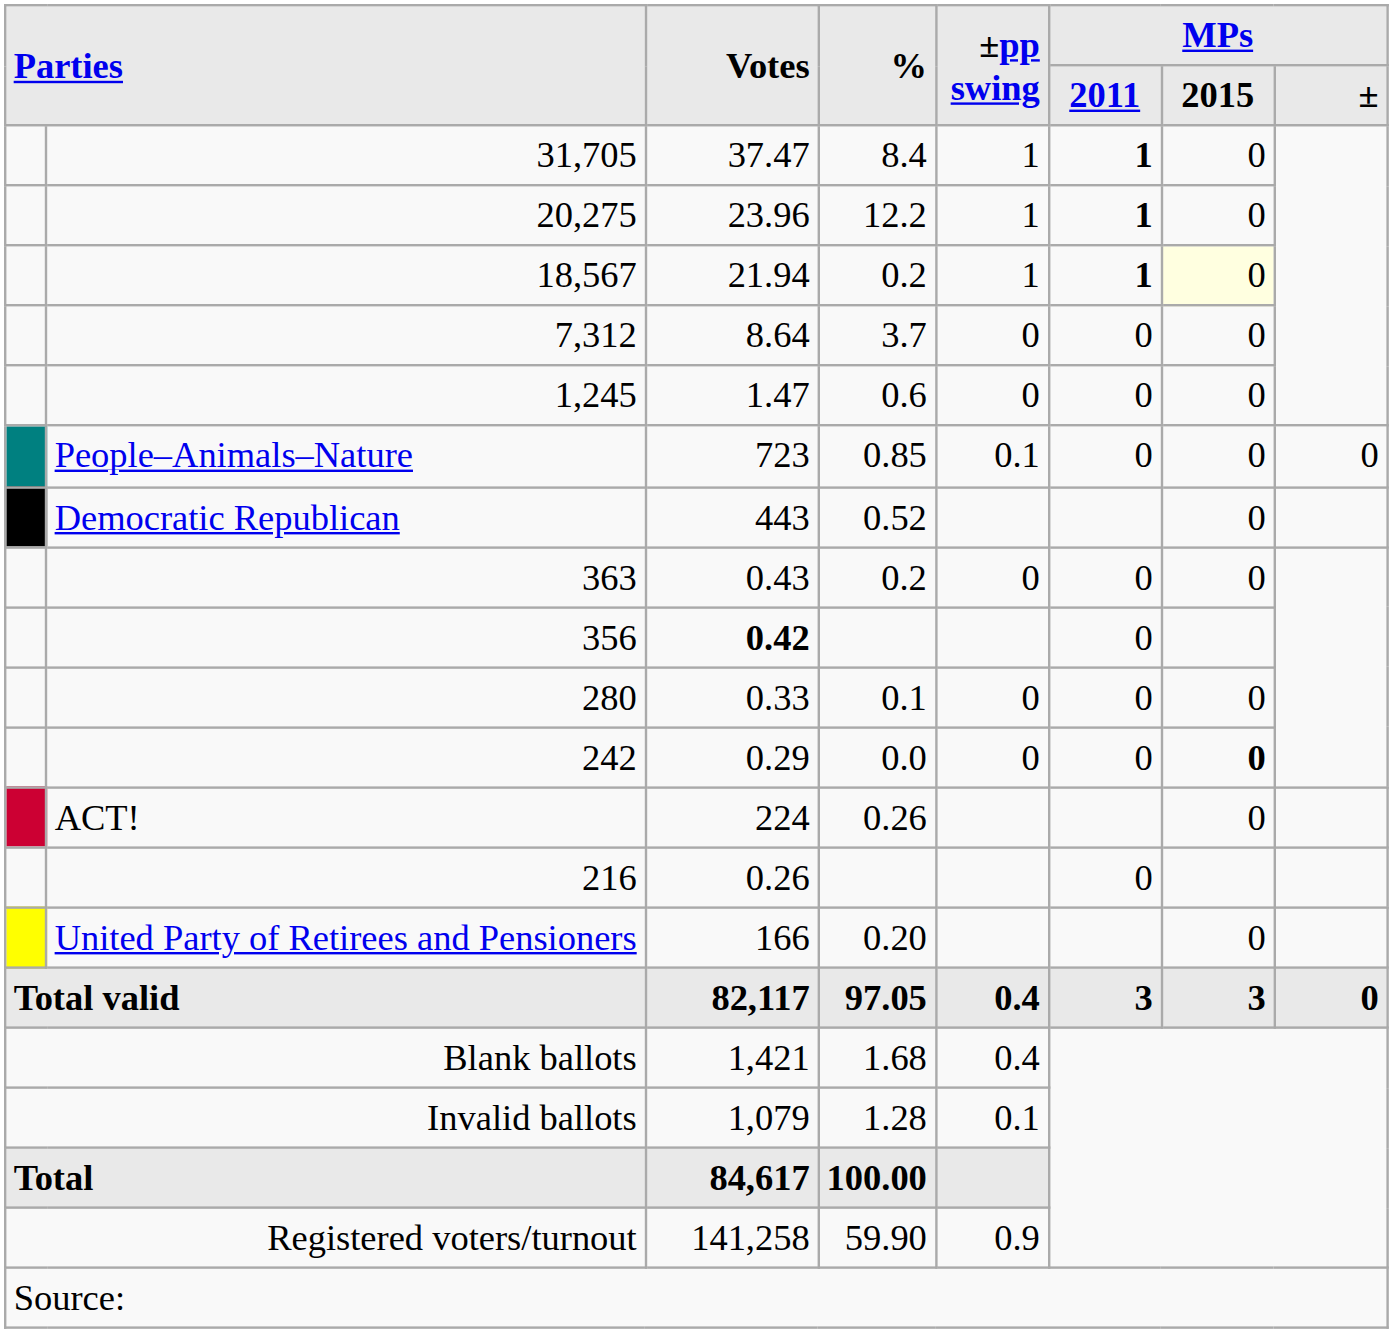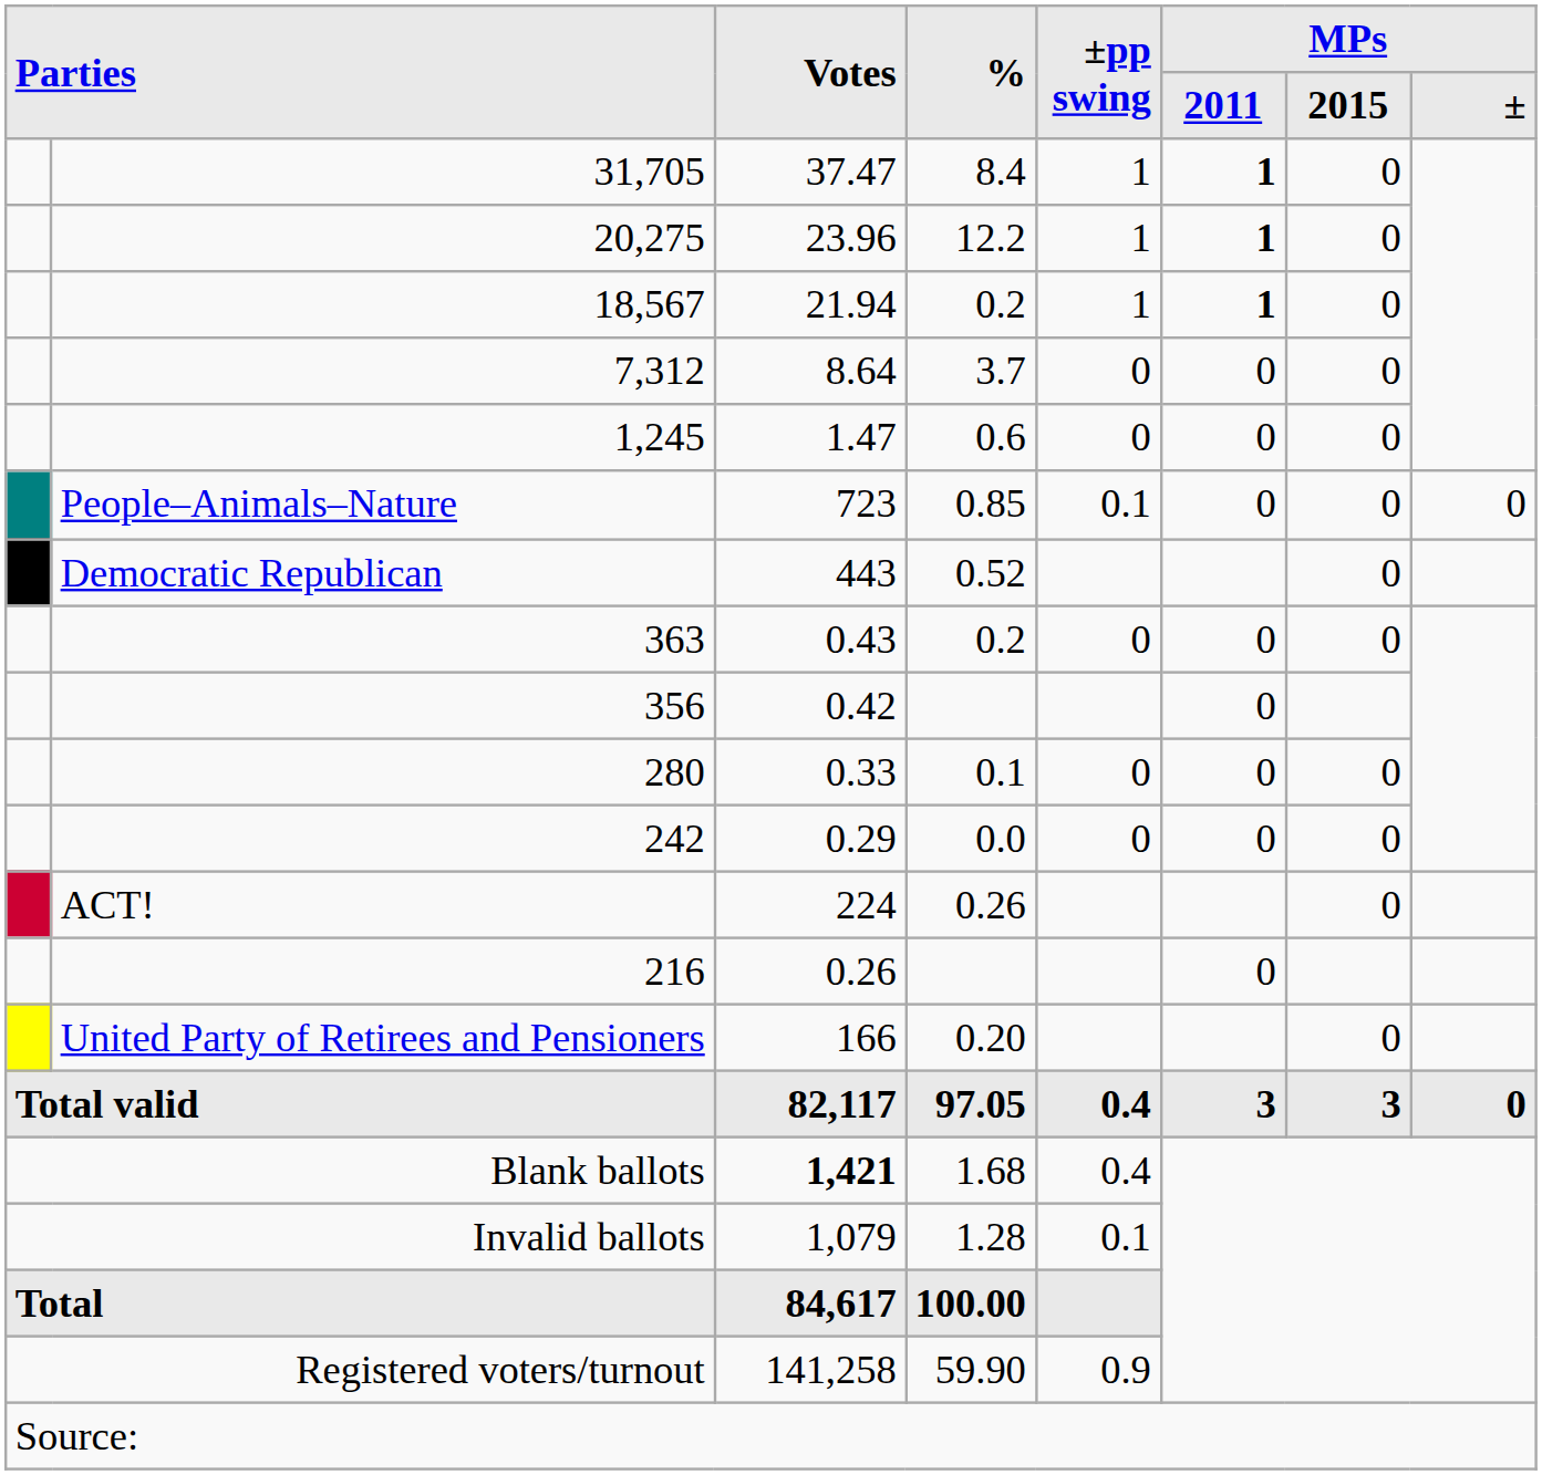 <table class="wikitable" style="text-align:right; font-size:95%;">
 <tr>
 <th rowspan="2" colspan="2" style="background:#e9e9e9; text-align:left;" alignleft><a href='#'>Parties</a></th>
 <th rowspan="2" style="background:#e9e9e9; text-align:right;">Votes</th>
 <th rowspan="2" style="background:#e9e9e9; text-align:right;">%</th>
 <th rowspan="2" style="background:#e9e9e9; text-align:right;">±<a href='#'>pp</a> <a href='#'>swing</a></th>
 <th colspan="3" style="background:#e9e9e9; text-align:center;"><a href='#'>MPs</a></th>
 </tr>
 <tr style="background-color:#E9E9E9">
 <th style="background-color:#E9E9E9;text-align:center;"><a href='#'>2011</a></th>
 <th style="background-color:#E9E9E9;text-align:center;">2015</th>
 <th style="background:#e9e9e9; text-align:right;">±</th>
 </tr>
 <tr>
 <td></td>
 <td>31,705</td>
 <td>37.47</td>
 <td>8.4</td>
 <td>1</td>
 <td><strong>1</strong></td>
 <td>0</td>
 </tr>
 <tr>
 <td> </td>
 <td>20,275</td>
 <td>23.96</td>
 <td>12.2</td>
 <td>1</td>
 <td><strong>1</strong></td>
 <td>0</td>
 </tr>
 <tr>
 <td></td>
 <td>18,567</td>
 <td>21.94</td>
 <td>0.2</td>
 <td>1</td>
 <td><strong>1</strong></td>
-<td style="background: lightyellow;">0</td>
+<td>0</td>
 </tr>
 <tr>
 <td></td>
 <td>7,312</td>
 <td>8.64</td>
 <td>3.7</td>
 <td>0</td>
 <td>0</td>
 <td>0</td>
 </tr>
 <tr>
 <td></td>
 <td>1,245</td>
 <td>1.47</td>
 <td>0.6</td>
 <td>0</td>
 <td>0</td>
 <td>0</td>
 </tr>
 <tr>
 <td style="width: 10px" bgcolor="teal" align="center"></td>
 <td align="left"><a href='#'>People–Animals–Nature</a></td>
 <td>723</td>
 <td>0.85</td>
 <td>0.1</td>
 <td>0</td>
 <td>0</td>
 <td>0</td>
 </tr>
 <tr>
 <td style="width: 10px" bgcolor=black align="center"></td>
 <td align=left><a href='#'>Democratic Republican</a></td>
 <td>443</td>
 <td>0.52</td>
 <td></td>
 <td></td>
 <td>0</td>
 <td></td>
 </tr>
 <tr>
 <td></td>
 <td>363</td>
 <td>0.43</td>
 <td>0.2</td>
 <td>0</td>
 <td>0</td>
 <td>0</td>
 </tr>
 <tr>
 <td></td>
 <td>356</td>
-<td><strong>0.42</strong></td>
+<td>0.42</td>
 <td></td>
 <td></td>
 <td>0</td>
 <td></td>
 </tr>
 <tr>
 <td></td>
 <td>280</td>
 <td>0.33</td>
 <td>0.1</td>
 <td>0</td>
 <td>0</td>
 <td>0</td>
 </tr>
 <tr>
 <td></td>
 <td>242</td>
 <td>0.29</td>
 <td>0.0</td>
 <td>0</td>
 <td>0</td>
-<td><strong>0</strong></td>
+<td>0</td>
 </tr>
 <tr>
 <td style="width:10px; background:#CC0033; text-align:center;"></td>
 <td style="text-align:left;">ACT! </td>
 <td>224</td>
 <td>0.26</td>
 <td></td>
 <td></td>
 <td>0</td>
 <td></td>
 </tr>
 <tr>
 <td></td>
 <td>216</td>
 <td>0.26</td>
 <td></td>
 <td></td>
 <td>0</td>
 <td></td>
 </tr>
 <tr>
 <td style="width: 10px" bgcolor=yellow align="center"></td>
 <td align=left><a href='#'>United Party of Retirees and Pensioners</a></td>
 <td>166</td>
 <td>0.20</td>
 <td></td>
 <td></td>
 <td>0</td>
 <td></td>
 </tr>
 <tr>
 <td colspan=2 align=left style="background-color:#E9E9E9"><strong>Total valid</strong></td>
 <td width="65" align="right" style="background-color:#E9E9E9"><strong>82,117</strong></td>
 <td width="40" align="right" style="background-color:#E9E9E9"><strong>97.05</strong></td>
 <td width="40" align="right" style="background-color:#E9E9E9"><strong>0.4</strong></td>
 <td width="40" align="right" style="background-color:#E9E9E9"><strong>3</strong></td>
 <td width="40" align="right" style="background-color:#E9E9E9"><strong>3</strong></td>
 <td width="40" align="right" style="background-color:#E9E9E9"><strong>0</strong></td>
 </tr>
 <tr>
 <td colspan=2>Blank ballots</td>
-<td>1,421</td>
+<td><strong>1,421</strong></td>
 <td>1.68</td>
 <td>0.4</td>
 <td colspan=4 rowspan=4></td>
 </tr>
 <tr>
 <td colspan=2>Invalid ballots</td>
 <td>1,079</td>
 <td>1.28</td>
 <td>0.1</td>
 </tr>
 <tr>
 <td colspan=2 width="259" align=left style="background-color:#E9E9E9"><strong>Total</strong></td>
 <td width="50" align="right" style="background-color:#E9E9E9"><strong>84,617</strong></td>
 <td width="40" align="right" style="background-color:#E9E9E9"><strong>100.00</strong></td>
 <td width="40" align="right" style="background-color:#E9E9E9"></td>
 </tr>
 <tr>
 <td colspan=2>Registered voters/turnout</td>
 <td>141,258</td>
 <td>59.90</td>
 <td>0.9</td>
 </tr>
 <tr>
 <td colspan=11 align=left>Source: </td>
 </tr>
 </table>
